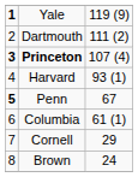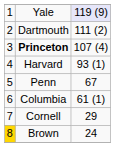 <table class="wikitable">
 <tr align="center">
 </tr>
 <tr align="center">
-<td><strong>1</strong></td>
+<td>1</td>
 <td>Yale</td>
-<td>119 (9)</td>
+<td style="background: lavender;">119 (9)</td>
 </tr>
 <tr align="center">
 <td>2</td>
 <td>Dartmouth</td>
 <td>111 (2)</td>
 </tr>
 <tr align="center">
-<td><strong>3</strong></td>
+<td>3</td>
 <td><strong>Princeton</strong></td>
 <td>107 (4)</td>
 </tr>
 <tr align="center">
 <td>4</td>
 <td>Harvard</td>
 <td>93 (1)</td>
 </tr>
 <tr align="center">
-<td><strong>5</strong></td>
+<td>5</td>
 <td>Penn</td>
 <td>67</td>
 </tr>
 <tr align="center">
 <td>6</td>
 <td>Columbia</td>
 <td>61 (1)</td>
 </tr>
 <tr align="center">
 <td>7</td>
 <td>Cornell</td>
 <td>29</td>
 </tr>
 <tr align="center">
-<td>8</td>
+<td style="background: gold;">8</td>
 <td>Brown</td>
 <td>24</td>
 </tr>
 <tr>
 </tr>
 </table>
